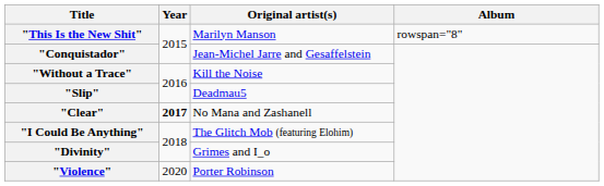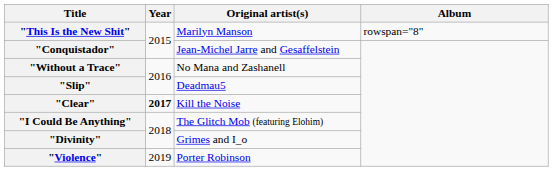 <table class="wikitable plainrowheaders">
 <tr>
 <th rowspan="1" style="width:12em;">Title</th>
 <th rowspan="1">Year</th>
 <th colspan="1" style="width:16em;">Original artist(s)</th>
 <th rowspan="1" style="width:16em;">Album</th>
 </tr>
 <tr>
 <th scope="row">"<a href='#'>This Is the New Shit</a>"</th>
 <td rowspan="2">2015</td>
 <td><a href='#'>Marilyn Manson</a></td>
 <td>rowspan="8" </td>
 </tr>
 <tr>
 <th scope="row">"Conquistador"</th>
 <td><a href='#'>Jean-Michel Jarre</a> and <a href='#'>Gesaffelstein</a></td>
 </tr>
 <tr>
 <th scope="row">"Without a Trace"</th>
 <td rowspan="2">2016</td>
-<td><a href='#'>Kill the Noise</a></td>
+<td>No Mana and Zashanell</td>
 </tr>
 <tr>
 <th scope="row">"Slip"</th>
 <td><a href='#'>Deadmau5</a></td>
 </tr>
 <tr>
 <th scope="row">"Clear"</th>
 <td><strong>2017</strong></td>
-<td>No Mana and Zashanell</td>
+<td><a href='#'>Kill the Noise</a></td>
 </tr>
 <tr>
 <th scope="row">"I Could Be Anything"</th>
 <td rowspan="2">2018</td>
 <td><a href='#'>The Glitch Mob</a> <small>(featuring Elohim)</small></td>
 </tr>
 <tr>
 <th scope="row">"Divinity"</th>
 <td><a href='#'>Grimes</a> and I_o</td>
 </tr>
 <tr>
 <th scope="row">"<a href='#'>Violence</a>"</th>
-<td>2020</td>
+<td>2019</td>
 <td><a href='#'>Porter Robinson</a></td>
 </tr>
 </table>
